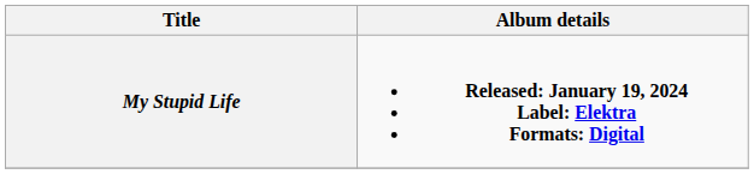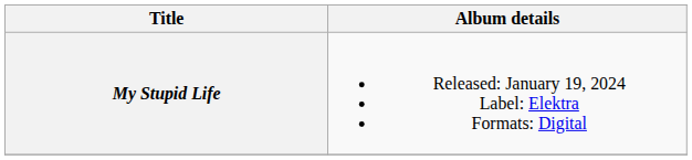 <table class="wikitable plainrowheaders" style="text-align:center;">
 <tr>
 <th scope="col" style="width:18em;">Title</th>
 <th scope="col" style="width:20em;">Album details</th>
 </tr>
 <tr>
 <th scope="row"><em>My Stupid Life</em></th>
-<td><strong><br><ul><li>Released: January 19, 2024</li><li>Label: <a href='#'>Elektra</a></li><li>Formats: <a href='#'>Digital</a></li></ul></strong></td>
+<td><br><ul><li>Released: January 19, 2024</li><li>Label: <a href='#'>Elektra</a></li><li>Formats: <a href='#'>Digital</a></li></ul></td>
 </tr>
 <tr>
 </tr>
 </table>
